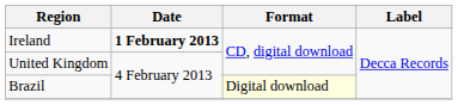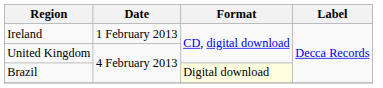 <table class="wikitable">
 <tr>
 <th scope="col">Region</th>
 <th scope="col">Date</th>
 <th scope="col">Format</th>
 <th scope="col">Label</th>
 </tr>
 <tr>
 <td>Ireland</td>
-<td><strong>1 February 2013</strong></td>
+<td>1 February 2013</td>
 <td rowspan="2"><a href='#'>CD</a>, <a href='#'>digital download</a></td>
 <td rowspan="3"><a href='#'>Decca Records</a></td>
 </tr>
 <tr>
 <td>United Kingdom</td>
 <td rowspan="2">4 February 2013</td>
 </tr>
 <tr>
 <td>Brazil</td>
 <td style="background: lightyellow;">Digital download</td>
 </tr>
 <tr>
 </tr>
 </table>
